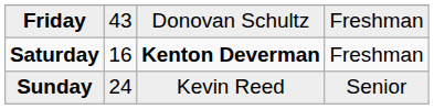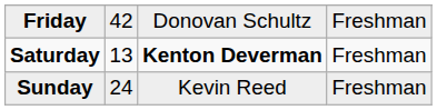 <table class="wikitable non-sortable">
 <tr>
 </tr>
 <tr style="background: #eeeeee; text-align: center;">
 <td><strong>Friday</strong></td>
-<td>43</td>
+<td>42</td>
 <td>Donovan Schultz</td>
 <td>Freshman</td>
 </tr>
 <tr style="text-align:center;">
 <td><strong>Saturday</strong></td>
-<td>16</td>
+<td>13</td>
 <td><strong>Kenton Deverman</strong></td>
 <td>Freshman</td>
 </tr>
 <tr style="background:#eeeeee;text-align:center;">
 <td><strong>Sunday</strong></td>
 <td>24</td>
 <td>Kevin Reed</td>
-<td>Senior</td>
+<td>Freshman</td>
 </tr>
 </table>
